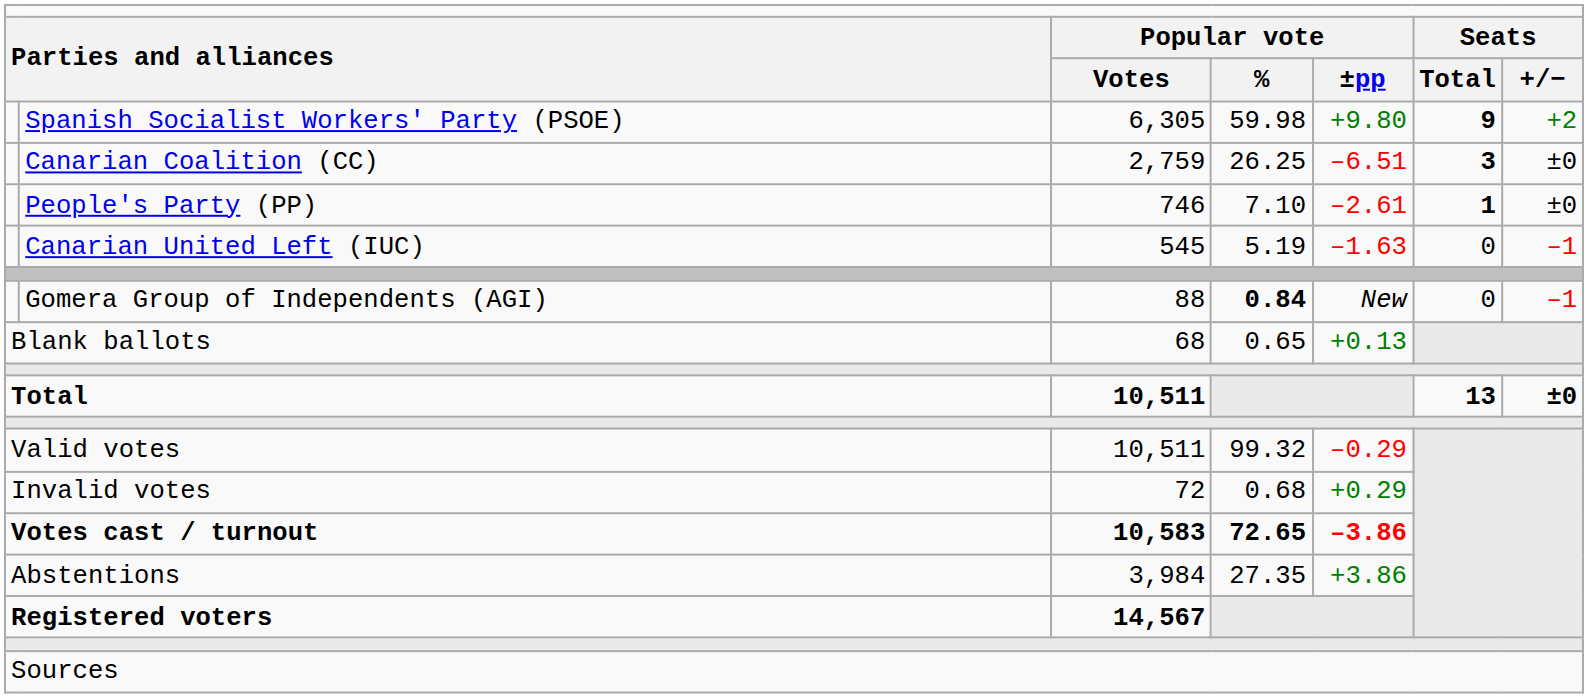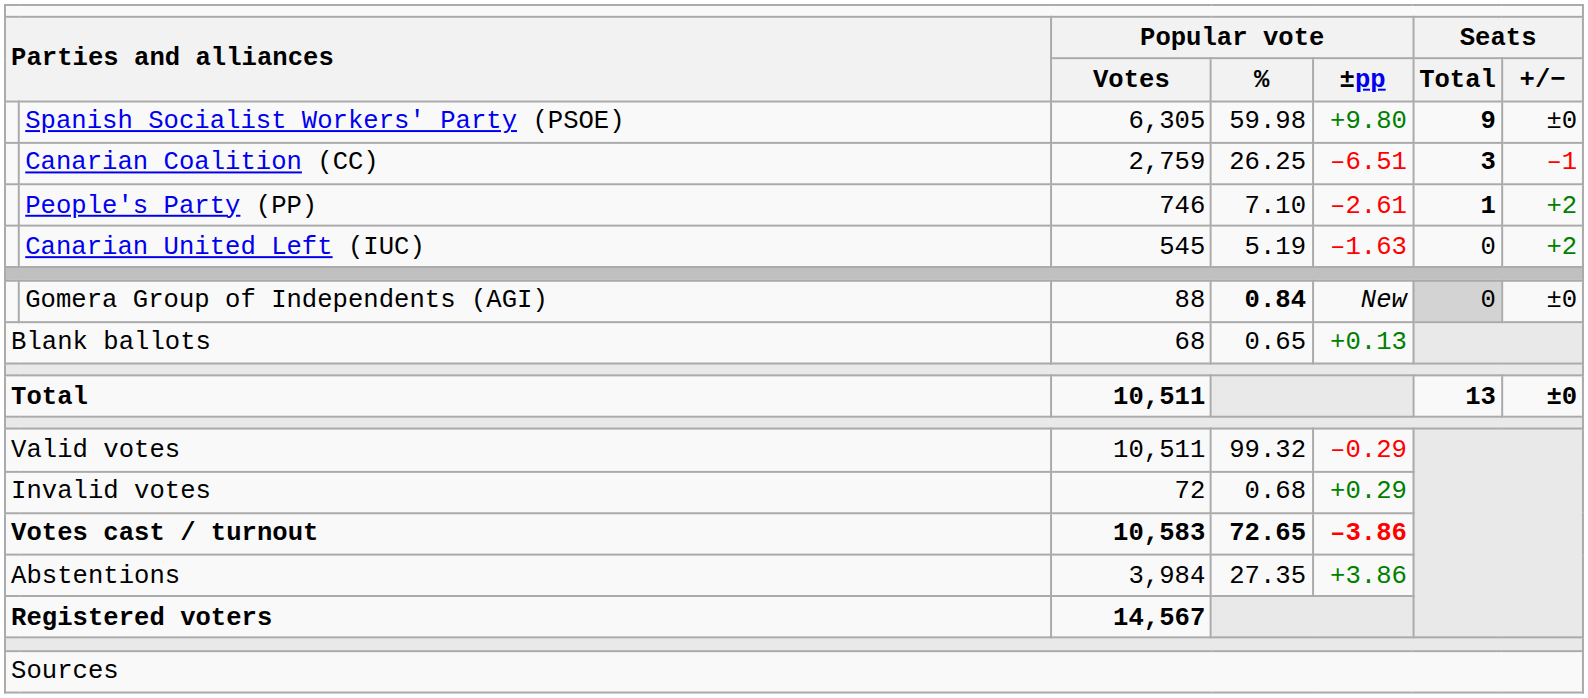 <table class="wikitable" style="text-align:right;">
 <tr>
 <td colspan="7"></td>
 </tr>
 <tr>
 <th style="text-align:left;" rowspan="2" colspan="2" width="525">Parties and alliances</th>
 <th colspan="3">Popular vote</th>
 <th colspan="2">Seats</th>
 </tr>
 <tr>
 <th width="75">Votes</th>
 <th width="45">%</th>
 <th width="45">±<a href='#'>pp</a></th>
 <th width="35">Total</th>
 <th width="35">+/−</th>
 </tr>
 <tr>
 <td width="1" style="color:inherit;background:"></td>
 <td align="left"><a href='#'>Spanish Socialist Workers' Party</a> (PSOE)</td>
 <td>6,305</td>
 <td>59.98</td>
 <td style="color:green;">+9.80</td>
 <td><strong>9</strong></td>
-<td style="color:green;">+2</td>
+<td>±0</td>
 </tr>
 <tr>
 <td style="color:inherit;background:"></td>
 <td align="left"><a href='#'>Canarian Coalition</a> (CC)</td>
 <td>2,759</td>
 <td>26.25</td>
 <td style="color:red;">–6.51</td>
 <td><strong>3</strong></td>
-<td>±0</td>
+<td style="color:red;">–1</td>
 </tr>
 <tr>
 <td style="color:inherit;background:"></td>
 <td align="left"><a href='#'>People's Party</a> (PP)</td>
 <td>746</td>
 <td>7.10</td>
 <td style="color:red;">–2.61</td>
 <td><strong>1</strong></td>
-<td>±0</td>
+<td style="color:green;">+2</td>
 </tr>
 <tr>
 <td style="color:inherit;background:"></td>
 <td align="left"><a href='#'>Canarian United Left</a> (IUC)</td>
 <td>545</td>
 <td>5.19</td>
 <td style="color:red;">–1.63</td>
 <td>0</td>
-<td style="color:red;">–1</td>
+<td style="color:green;">+2</td>
 </tr>
 <tr>
 <td colspan="7" bgcolor="#C0C0C0"></td>
 </tr>
 <tr>
 <td style="color:inherit;background:"></td>
 <td align="left">Gomera Group of Independents (AGI)</td>
 <td>88</td>
 <td><strong>0.84</strong></td>
 <td><em>New</em></td>
-<td>0</td>
-<td style="color:red;">–1</td>
+<td style="background: lightgrey;">0</td>
+<td>±0</td>
 </tr>
 <tr>
 <td align="left" colspan="2">Blank ballots</td>
 <td>68</td>
 <td>0.65</td>
 <td style="color:green;">+0.13</td>
 <td bgcolor="#E9E9E9" colspan="2"></td>
 </tr>
 <tr>
 <td colspan="7" bgcolor="#E9E9E9"></td>
 </tr>
 <tr style="font-weight:bold;">
 <td align="left" colspan="2">Total</td>
 <td>10,511</td>
 <td bgcolor="#E9E9E9" colspan="2"></td>
 <td>13</td>
 <td>±0</td>
 </tr>
 <tr>
 <td colspan="7" bgcolor="#E9E9E9"></td>
 </tr>
 <tr>
 <td align="left" colspan="2">Valid votes</td>
 <td>10,511</td>
 <td>99.32</td>
 <td style="color:red;">–0.29</td>
 <td bgcolor="#E9E9E9" colspan="2" rowspan="5"></td>
 </tr>
 <tr>
 <td align="left" colspan="2">Invalid votes</td>
 <td>72</td>
 <td>0.68</td>
 <td style="color:green;">+0.29</td>
 </tr>
 <tr style="font-weight:bold;">
 <td align="left" colspan="2">Votes cast / turnout</td>
 <td>10,583</td>
 <td>72.65</td>
 <td style="color:red;">–3.86</td>
 </tr>
 <tr>
 <td align="left" colspan="2">Abstentions</td>
 <td>3,984</td>
 <td>27.35</td>
 <td style="color:green;">+3.86</td>
 </tr>
 <tr style="font-weight:bold;">
 <td align="left" colspan="2">Registered voters</td>
 <td>14,567</td>
 <td bgcolor="#E9E9E9" colspan="2"></td>
 </tr>
 <tr>
 <td colspan="7" bgcolor="#E9E9E9"></td>
 </tr>
 <tr>
 <td align="left" colspan="7">Sources</td>
 </tr>
 </table>
